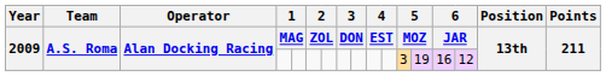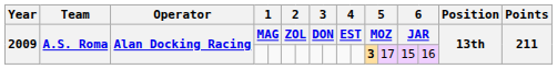 <table class="wikitable" style="text-align:center; font-size:85%">
 <tr>
 <th>Year</th>
 <th>Team</th>
 <th>Operator</th>
 <th colspan=2>1</th>
 <th colspan=2>2</th>
 <th colspan=2>3</th>
 <th colspan=2>4</th>
 <th colspan=2>5</th>
 <th colspan=2>6</th>
 <th>Position</th>
 <th>Points</th>
 </tr>
 <tr>
 <th rowspan=2>2009</th>
 <th rowspan=2 nowrap><a href='#'>A.S. Roma</a></th>
 <th rowspan=2 nowrap><a href='#'>Alan Docking Racing</a></th>
 <th colspan=2><a href='#'>MAG</a></th>
 <th colspan=2><a href='#'>ZOL</a></th>
 <th colspan=2><a href='#'>DON</a></th>
 <th colspan=2><a href='#'>EST</a></th>
 <th colspan=2><a href='#'>MOZ</a></th>
 <th colspan=2><a href='#'>JAR</a></th>
 <th rowspan=2>13th</th>
 <th rowspan=2>211</th>
 </tr>
 <tr>
 <td></td>
 <td></td>
 <td></td>
 <td></td>
 <td></td>
 <td></td>
 <td></td>
 <td></td>
-<td style="background:#ffdf9f;">3</td>
-<td style="background:#efcfff;">19</td>
+<td style="background:#ffdf9f;"><strong>3</strong></td>
+<td style="background:#efcfff;">17</td>
+<td style="background:#efcfff;">15</td>
 <td style="background:#efcfff;">16</td>
-<td style="background:#efcfff;">12</td>
 </tr>
 </table>
